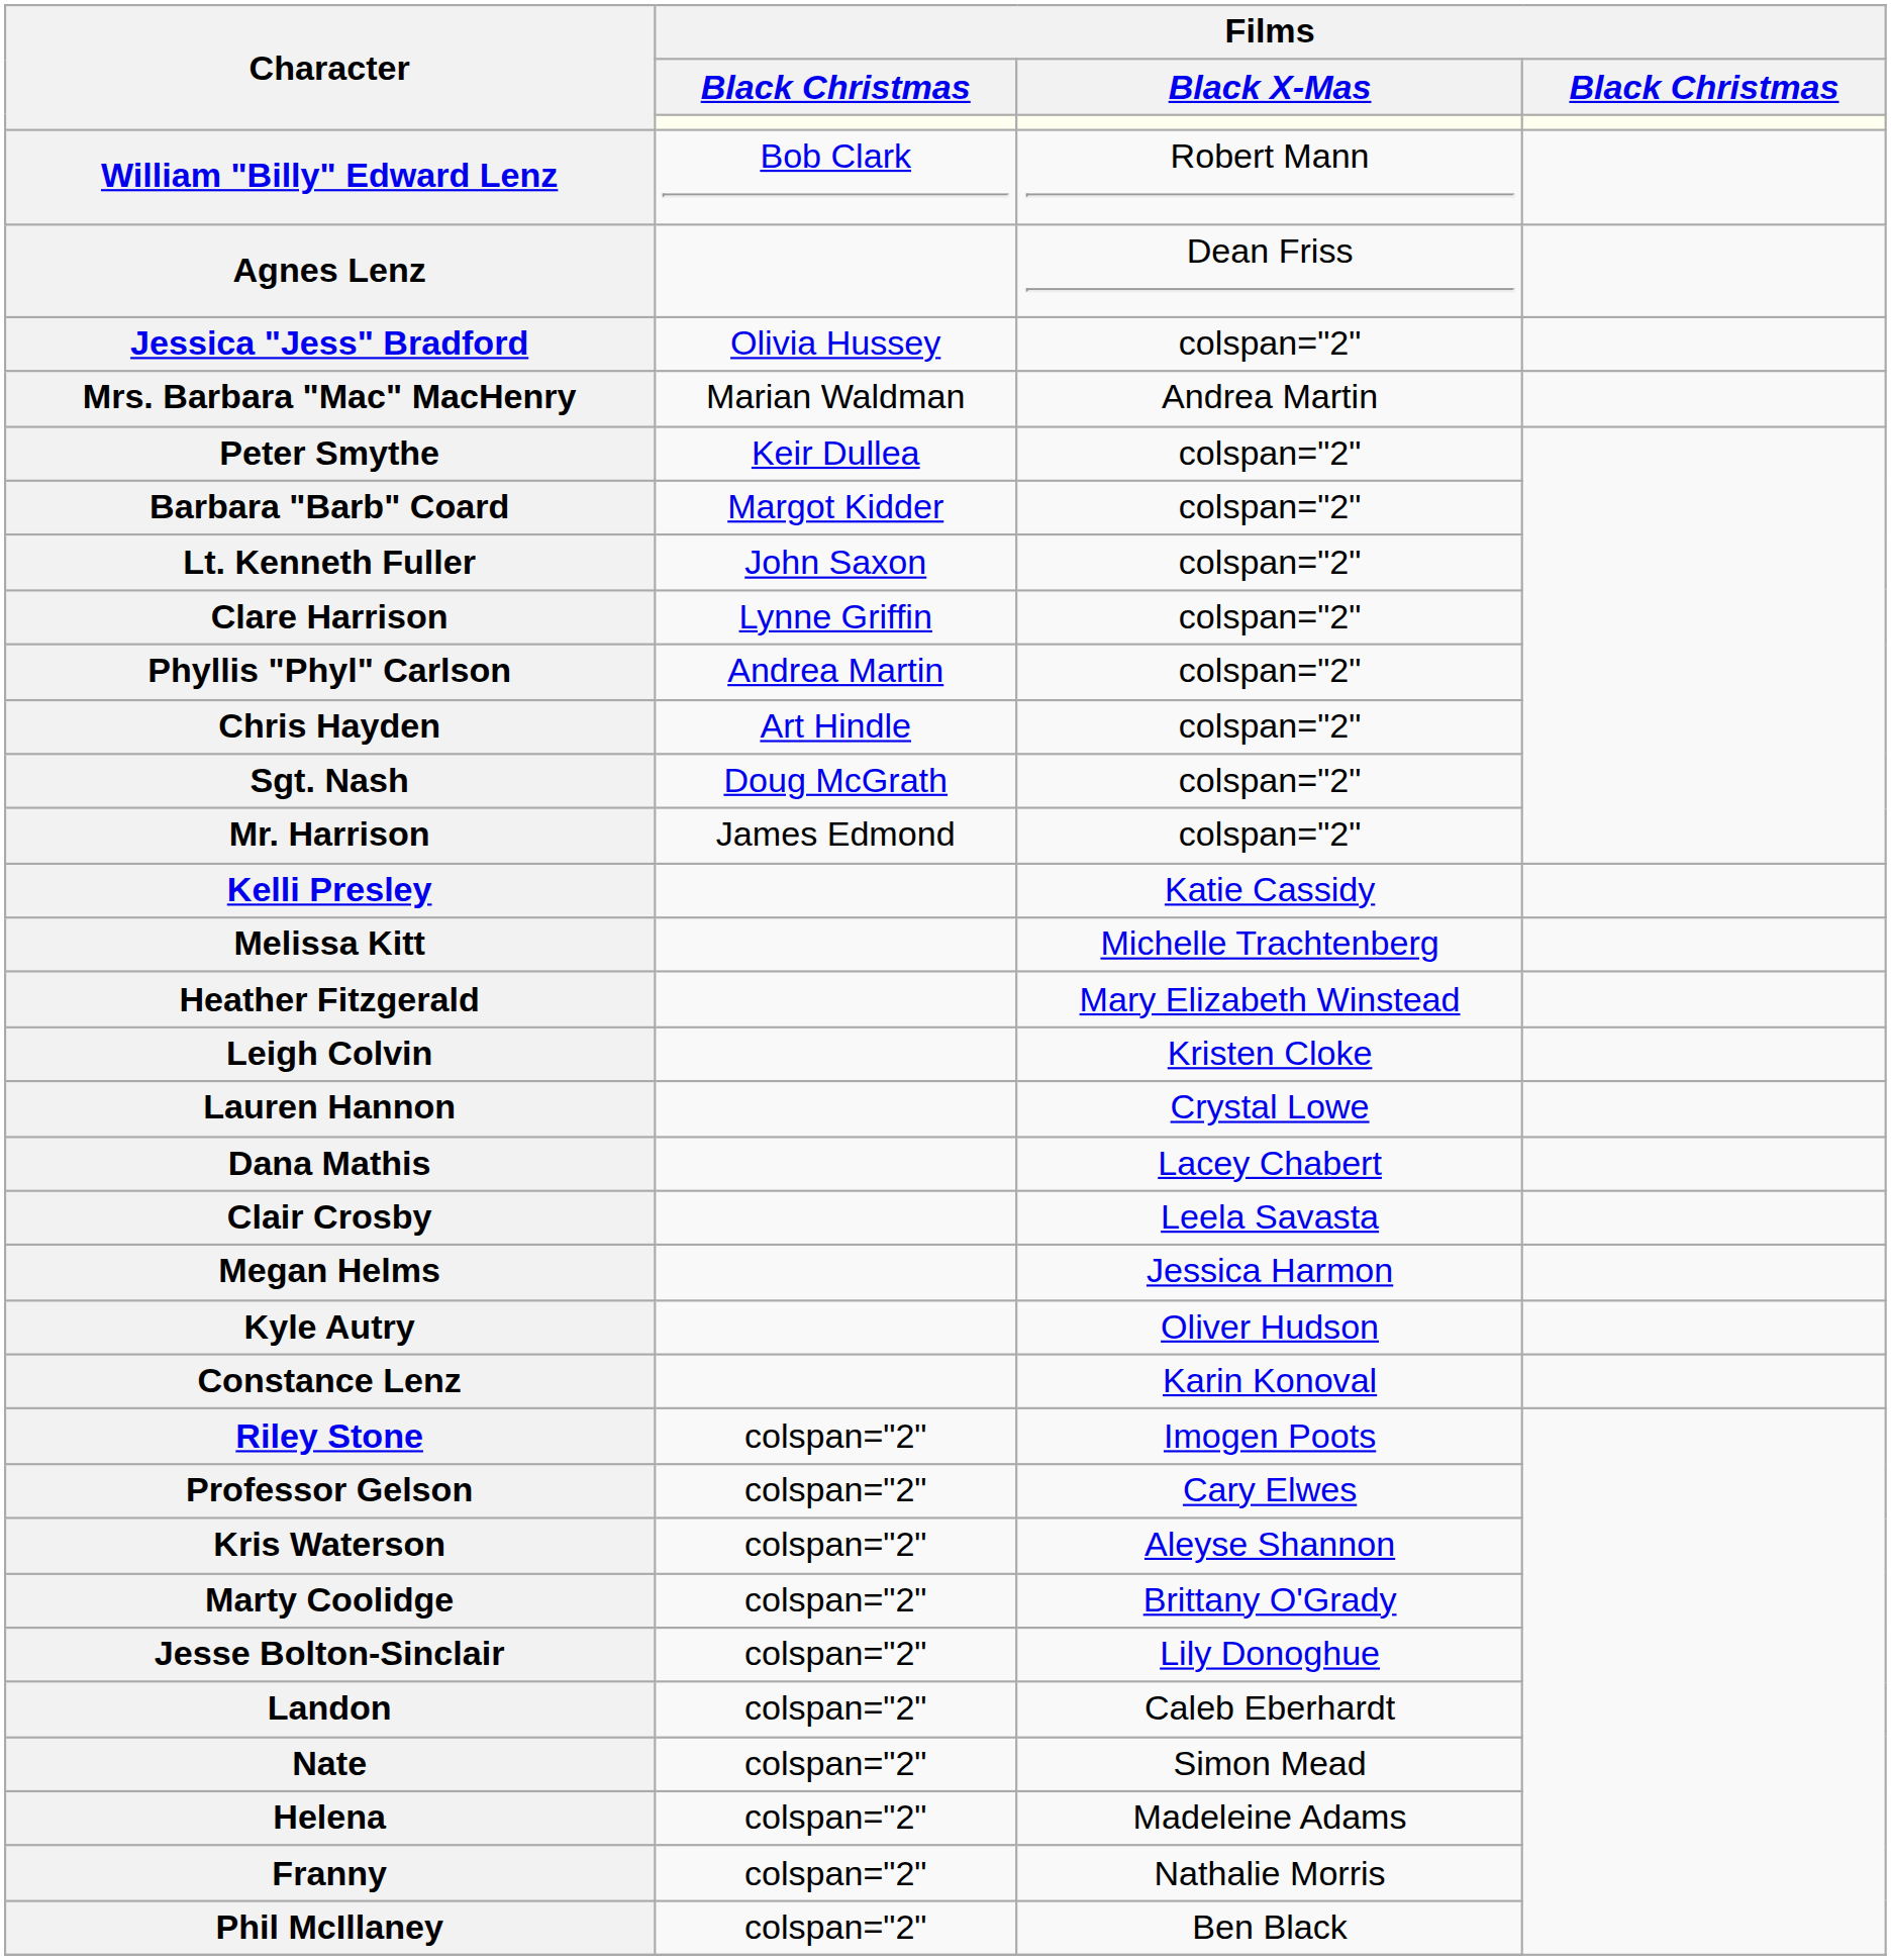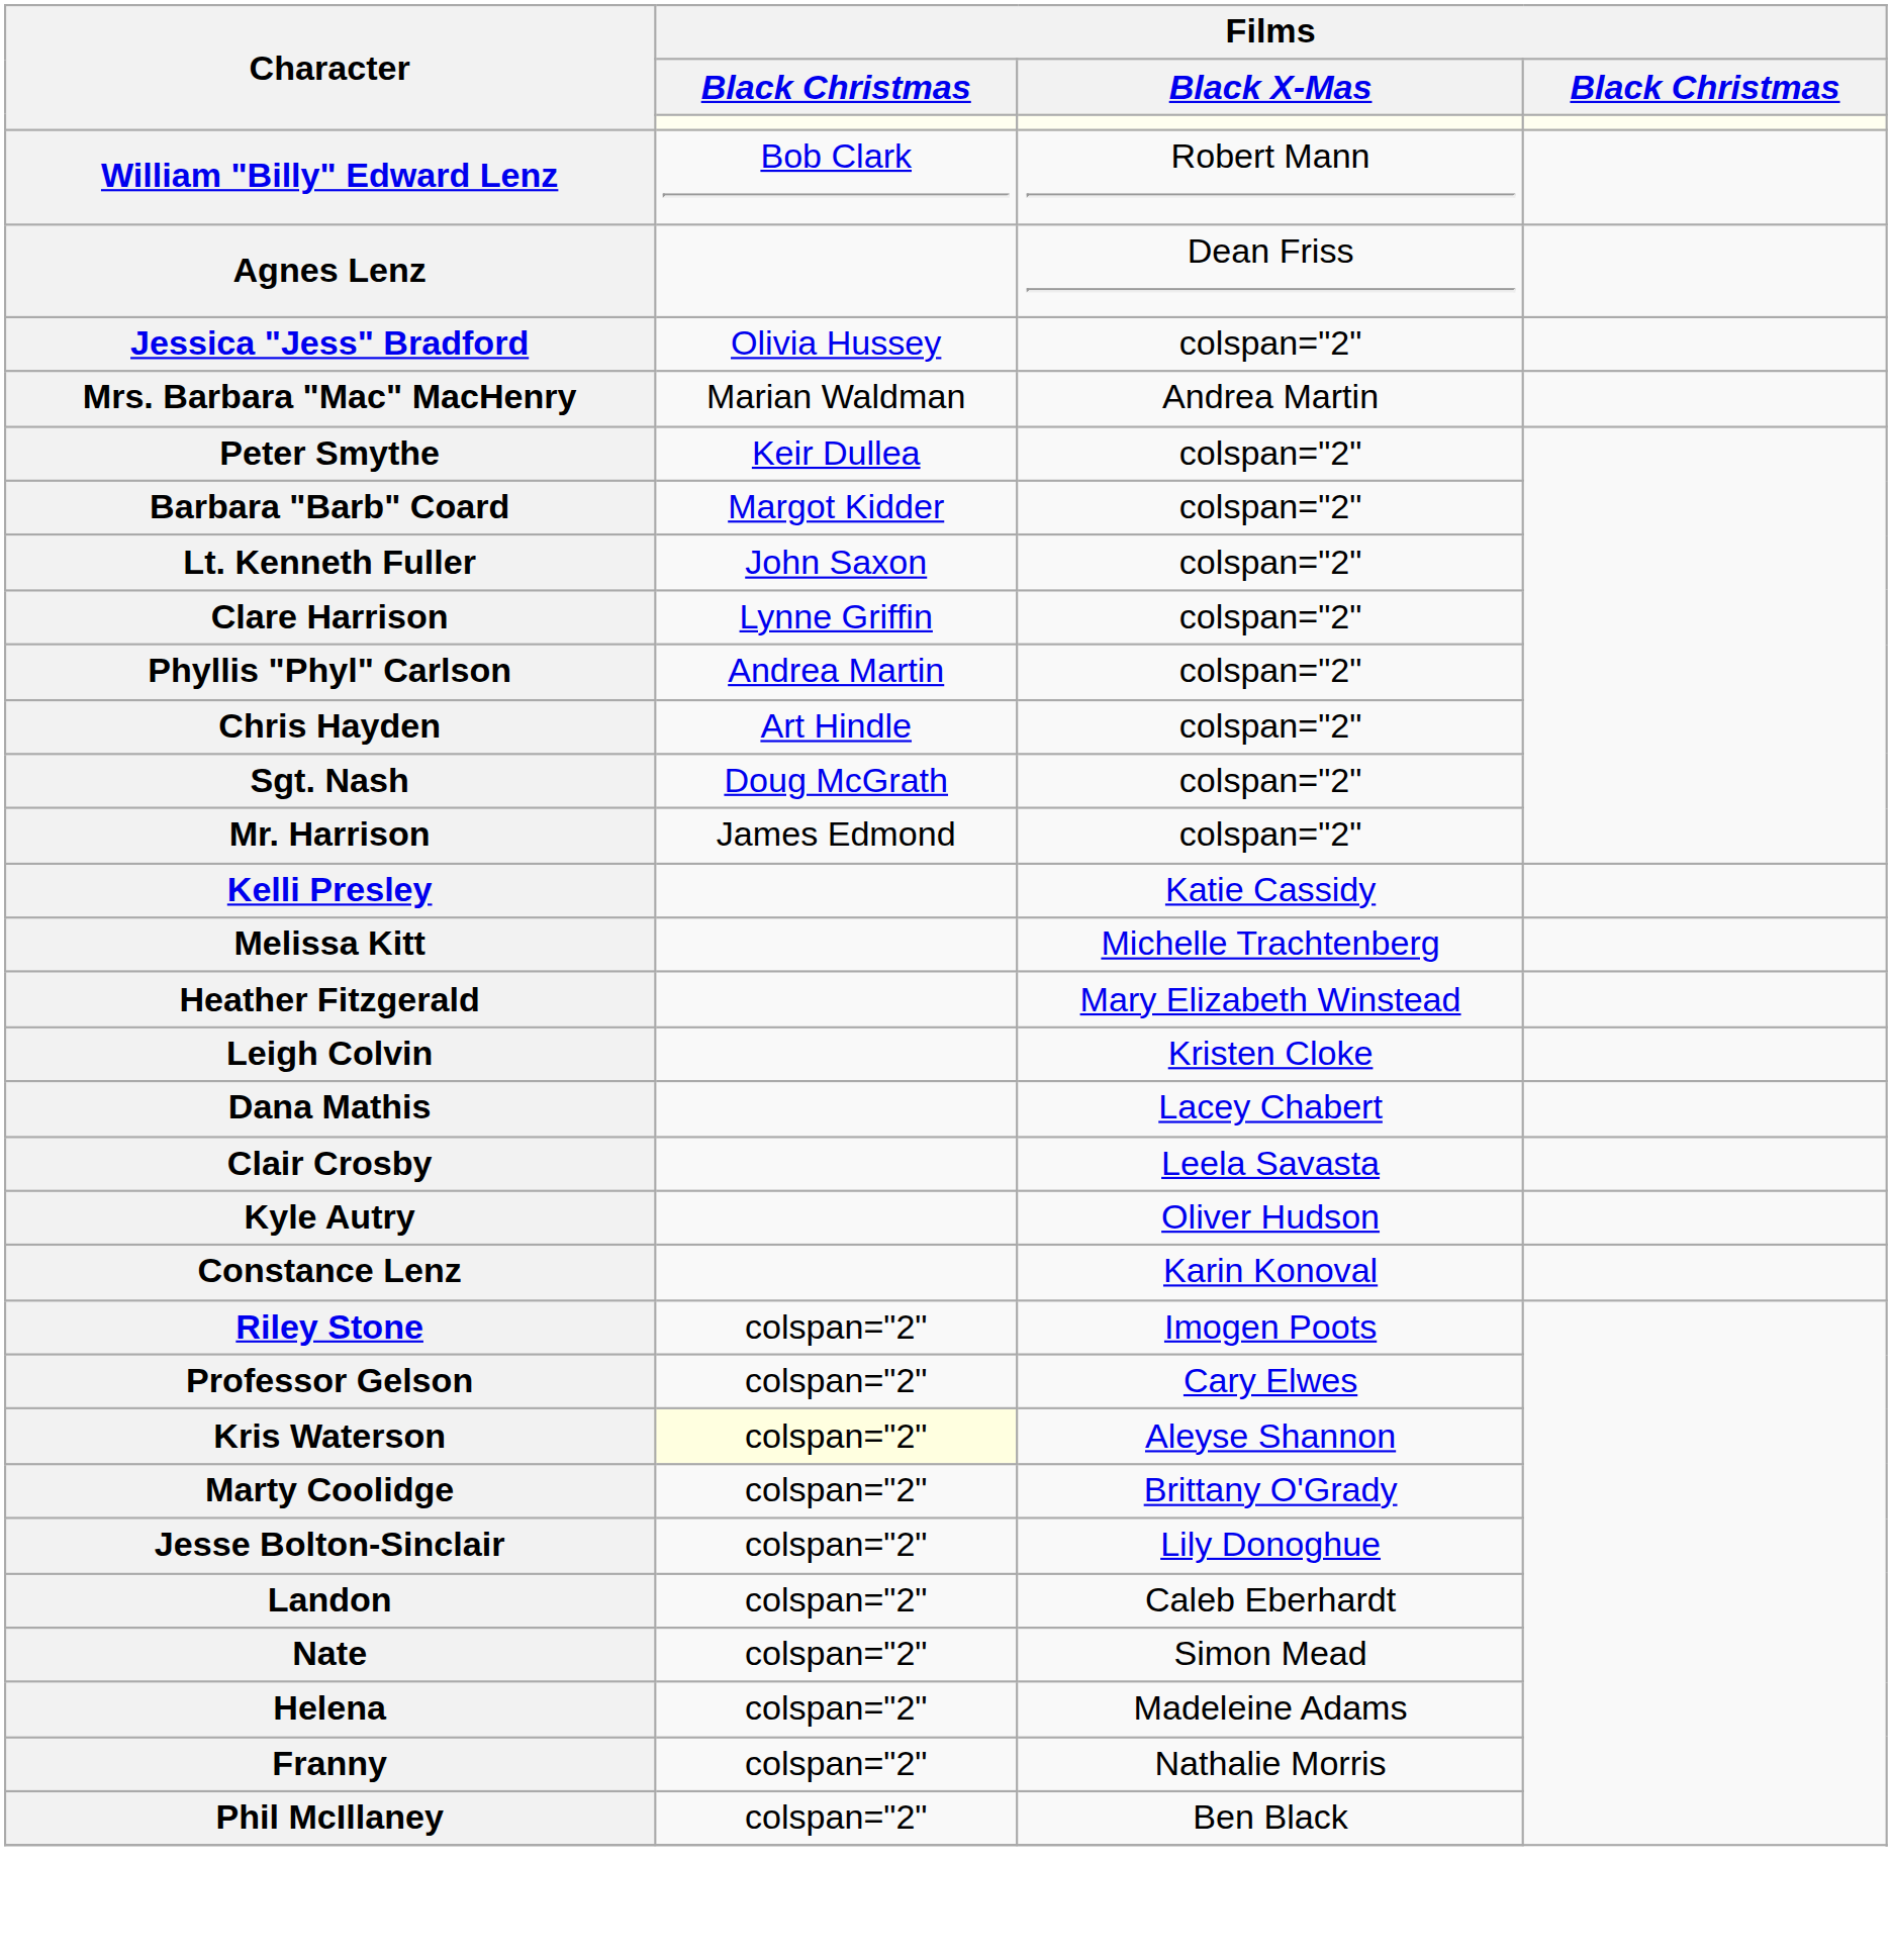 <table class="wikitable" style="text-align:center; width:99%;">
 <tr>
 <th rowspan="3">Character</th>
 <th colspan="3" style="text-align:center;">Films</th>
 </tr>
 <tr>
 <th style="text-align:center;"><em><a href='#'>Black Christmas</a></em></th>
 <th style="text-align:center;"><em><a href='#'>Black X-Mas</a></em></th>
 <th style="text-align:center;"><em><a href='#'>Black Christmas</a></em></th>
 </tr>
 <tr>
 <th style="background:ivory;"><span></span></th>
 <th style="background:ivory;"><span></span></th>
 <th style="background:ivory;"><span></span></th>
 </tr>
 <tr>
 <th><a href='#'>William "Billy" Edward Lenz<br></a></th>
 <td><a href='#'>Bob Clark</a><hr></td>
 <td>Robert Mann<hr></td>
 <td></td>
 </tr>
 <tr>
 <th>Agnes Lenz</th>
 <td></td>
 <td>Dean Friss<hr></td>
 <td></td>
 </tr>
 <tr>
 <th><a href='#'>Jessica "Jess" Bradford</a></th>
 <td><a href='#'>Olivia Hussey</a></td>
 <td>colspan="2" </td>
 </tr>
 <tr>
 <th>Mrs. Barbara "Mac" MacHenry</th>
 <td>Marian Waldman</td>
 <td>Andrea Martin</td>
 <td></td>
 </tr>
 <tr>
 <th>Peter Smythe</th>
 <td><a href='#'>Keir Dullea</a></td>
 <td>colspan="2" </td>
 </tr>
 <tr>
 <th>Barbara "Barb" Coard</th>
 <td><a href='#'>Margot Kidder</a></td>
 <td>colspan="2" </td>
 </tr>
 <tr>
 <th>Lt. Kenneth Fuller</th>
 <td><a href='#'>John Saxon</a></td>
 <td>colspan="2" </td>
 </tr>
 <tr>
 <th>Clare Harrison</th>
 <td><a href='#'>Lynne Griffin</a></td>
 <td>colspan="2" </td>
 </tr>
 <tr>
 <th>Phyllis "Phyl" Carlson</th>
 <td><a href='#'>Andrea Martin</a></td>
 <td>colspan="2" </td>
 </tr>
 <tr>
 <th>Chris Hayden</th>
 <td><a href='#'>Art Hindle</a></td>
 <td>colspan="2" </td>
 </tr>
 <tr>
 <th>Sgt. Nash</th>
 <td><a href='#'>Doug McGrath</a></td>
 <td>colspan="2" </td>
 </tr>
 <tr>
 <th>Mr. Harrison</th>
 <td>James Edmond</td>
 <td>colspan="2" </td>
 </tr>
 <tr>
 <th><a href='#'>Kelli Presley</a></th>
 <td></td>
 <td><a href='#'>Katie Cassidy</a></td>
 <td></td>
 </tr>
 <tr>
 <th>Melissa Kitt</th>
 <td></td>
 <td><a href='#'>Michelle Trachtenberg</a></td>
 <td></td>
 </tr>
 <tr>
 <th>Heather Fitzgerald</th>
 <td></td>
 <td><a href='#'>Mary Elizabeth Winstead</a></td>
 <td></td>
 </tr>
 <tr>
 <th>Leigh Colvin</th>
 <td></td>
 <td><a href='#'>Kristen Cloke</a></td>
 <td></td>
 </tr>
 <tr>
-<th>Lauren Hannon</th>
-<td></td>
-<td><a href='#'>Crystal Lowe</a></td>
-<td></td>
-</tr>
-<tr>
 <th>Dana Mathis</th>
 <td></td>
 <td><a href='#'>Lacey Chabert</a></td>
 <td></td>
 </tr>
 <tr>
 <th>Clair Crosby</th>
 <td></td>
 <td><a href='#'>Leela Savasta</a></td>
-<td></td>
-</tr>
-<tr>
-<th>Megan Helms</th>
-<td></td>
-<td><a href='#'>Jessica Harmon</a></td>
 <td></td>
 </tr>
 <tr>
 <th>Kyle Autry</th>
 <td></td>
 <td><a href='#'>Oliver Hudson</a></td>
 <td></td>
 </tr>
 <tr>
 <th>Constance Lenz</th>
 <td></td>
 <td><a href='#'>Karin Konoval</a></td>
 <td></td>
 </tr>
 <tr>
 <th><a href='#'>Riley Stone</a></th>
 <td>colspan="2" </td>
 <td><a href='#'>Imogen Poots</a></td>
 </tr>
 <tr>
 <th>Professor Gelson</th>
 <td>colspan="2" </td>
 <td><a href='#'>Cary Elwes</a></td>
 </tr>
 <tr>
 <th>Kris Waterson</th>
-<td>colspan="2" </td>
+<td style="background: lightyellow;">colspan="2" </td>
 <td><a href='#'>Aleyse Shannon</a></td>
 </tr>
 <tr>
 <th>Marty Coolidge</th>
 <td>colspan="2" </td>
 <td><a href='#'>Brittany O'Grady</a></td>
 </tr>
 <tr>
 <th>Jesse Bolton-Sinclair</th>
 <td>colspan="2" </td>
 <td><a href='#'>Lily Donoghue</a></td>
 </tr>
 <tr>
 <th>Landon</th>
 <td>colspan="2" </td>
 <td>Caleb Eberhardt</td>
 </tr>
 <tr>
 <th>Nate</th>
 <td>colspan="2" </td>
 <td>Simon Mead</td>
 </tr>
 <tr>
 <th>Helena</th>
 <td>colspan="2" </td>
 <td>Madeleine Adams</td>
 </tr>
 <tr>
 <th>Franny</th>
 <td>colspan="2" </td>
 <td>Nathalie Morris</td>
 </tr>
 <tr>
 <th>Phil McIllaney</th>
 <td>colspan="2" </td>
 <td>Ben Black</td>
 </tr>
 <tr>
 </tr>
 </table>
